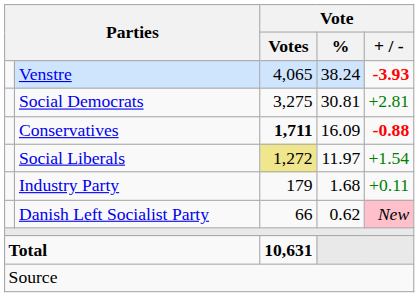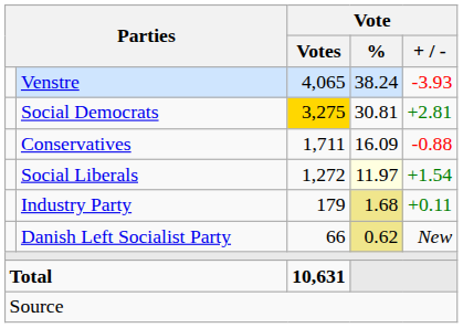 <table class="wikitable" style="text-align:right;">
 <tr>
 <th style="text-align:centre;" rowspan="2" colspan="2" width="225">Parties</th>
 <th colspan="3">Vote</th>
 </tr>
 <tr>
 <th width="15">Votes</th>
 <th width="15">%</th>
 <th width="15">+ / -</th>
 </tr>
 <tr>
 <td width="2" style="color:inherit;background:"></td>
 <td bgcolor=#cfe5fe  align="left"><a href='#'>Venstre</a></td>
 <td bgcolor=#cfe5fe>4,065</td>
 <td bgcolor=#cfe5fe>38.24</td>
-<td style=color:red;><strong>-3.93</strong></td>
+<td style=color:red;>-3.93</td>
 </tr>
 <tr>
 <td width="2" style="color:inherit;background:"></td>
 <td align="left"><a href='#'>Social Democrats</a></td>
-<td>3,275</td>
+<td style="background: gold;">3,275</td>
 <td>30.81</td>
 <td style=color:green;>+2.81</td>
 </tr>
 <tr>
 <td width="2" style="color:inherit;background:"></td>
 <td align="left"><a href='#'>Conservatives</a></td>
-<td><strong>1,711</strong></td>
+<td>1,711</td>
 <td>16.09</td>
-<td style=color:red;><strong>-0.88</strong></td>
+<td style=color:red;>-0.88</td>
 </tr>
 <tr>
 <td width="2" style="color:inherit;background:"></td>
 <td align="left"><a href='#'>Social Liberals</a></td>
-<td style="background: khaki;">1,272</td>
-<td>11.97</td>
+<td>1,272</td>
+<td style="background: lightyellow;">11.97</td>
 <td style=color:green;>+1.54</td>
 </tr>
 <tr>
 <td width="2" style="color:inherit;background:"></td>
 <td align="left"><a href='#'>Industry Party</a></td>
 <td>179</td>
-<td>1.68</td>
+<td style="background: khaki;">1.68</td>
 <td style=color:green;>+0.11</td>
 </tr>
 <tr>
 <td width="2" style="color:inherit;background:"></td>
 <td align="left"><a href='#'>Danish Left Socialist Party</a></td>
 <td>66</td>
-<td>0.62</td>
-<td style="background: pink;"><em>New</em></td>
+<td style="background: khaki;">0.62</td>
+<td><em>New</em></td>
 </tr>
 <tr>
 <td colspan="7" bgcolor="#E9E9E9"></td>
 </tr>
 <tr>
 <td align="left" colspan="2"><strong>Total</strong></td>
 <td><strong>10,631</strong></td>
 <td bgcolor="#E9E9E9" colspan="2"></td>
 </tr>
 <tr>
 <td align="left" colspan="6">Source</td>
 </tr>
 </table>
